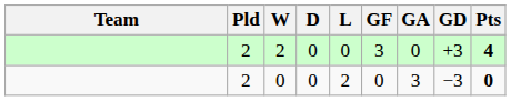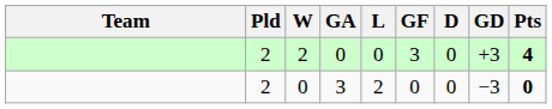 <table class="wikitable" style="text-align:center;">
 <tr>
 <th width=180>Team</th>
 <th width=20>Pld</th>
 <th width=20>W</th>
-<th width=20>D</th>
+<th width=20>GA</th>
 <th width=20>L</th>
 <th width=20>GF</th>
-<th width=20>GA</th>
+<th width=20>D</th>
 <th width=20>GD</th>
 <th width=20>Pts</th>
 </tr>
 <tr bgcolor="ccffcc">
 <td align="left"></td>
 <td>2</td>
 <td>2</td>
 <td>0</td>
 <td>0</td>
 <td>3</td>
 <td>0</td>
 <td>+3</td>
 <td><strong>4</strong></td>
 </tr>
 <tr>
 <td align="left"></td>
 <td>2</td>
 <td>0</td>
-<td>0</td>
+<td>3</td>
 <td>2</td>
 <td>0</td>
-<td>3</td>
+<td>0</td>
 <td>−3</td>
 <td><strong>0</strong></td>
 </tr>
 </table>
